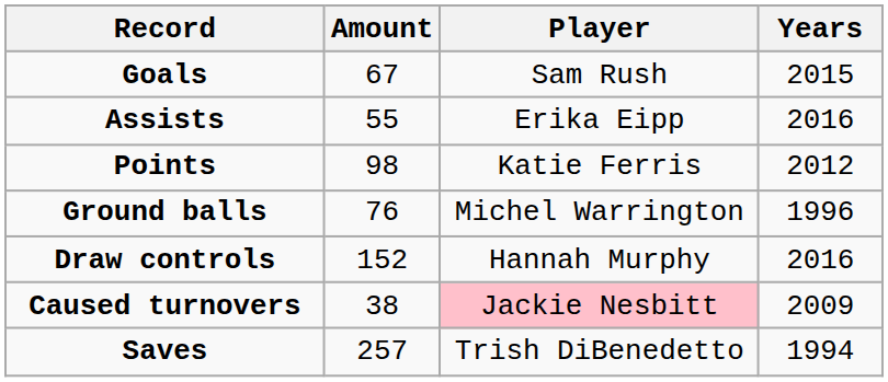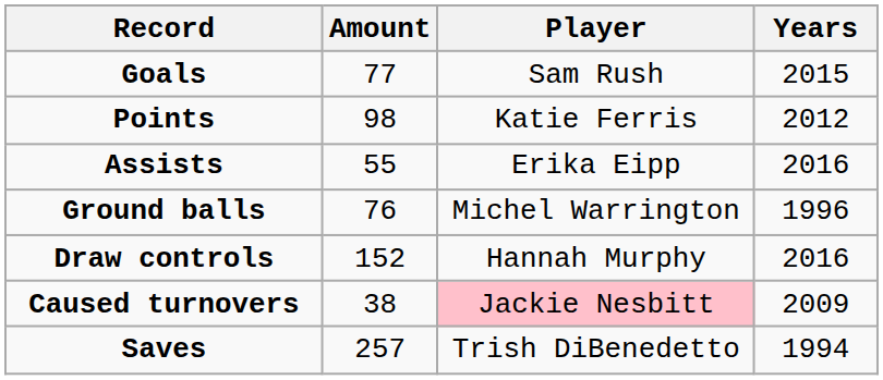 <table class="wikitable">
 <tr>
 <th style="width:140px; ">Record</th>
 <th style="width:35px; ">Amount</th>
 <th style="width:140px; ">Player</th>
 <th style="width:50px; ">Years</th>
 </tr>
 <tr style="text-align:center;">
 <td><strong>Goals</strong></td>
-<td>67</td>
+<td>77</td>
 <td>Sam Rush</td>
 <td>2015</td>
+</tr>
+<tr style="text-align:center;">
+<td><strong>Points</strong></td>
+<td>98</td>
+<td>Katie Ferris</td>
+<td>2012</td>
 </tr>
 <tr style="text-align:center;">
 <td><strong>Assists</strong></td>
 <td>55</td>
 <td>Erika Eipp</td>
 <td>2016</td>
-</tr>
-<tr style="text-align:center;">
-<td><strong>Points</strong></td>
-<td>98</td>
-<td>Katie Ferris</td>
-<td>2012</td>
 </tr>
 <tr style="text-align:center;">
 <td><strong>Ground balls</strong></td>
 <td>76</td>
 <td>Michel Warrington</td>
 <td>1996</td>
 </tr>
 <tr style="text-align:center;">
 <td><strong>Draw controls</strong></td>
 <td>152</td>
 <td>Hannah Murphy</td>
 <td>2016</td>
 </tr>
 <tr style="text-align:center;">
 <td><strong>Caused turnovers</strong></td>
 <td>38</td>
 <td style="background: pink;">Jackie Nesbitt</td>
 <td>2009</td>
 </tr>
 <tr style="text-align:center;">
 <td><strong>Saves</strong></td>
 <td>257</td>
 <td>Trish DiBenedetto</td>
 <td>1994</td>
 </tr>
 </table>
